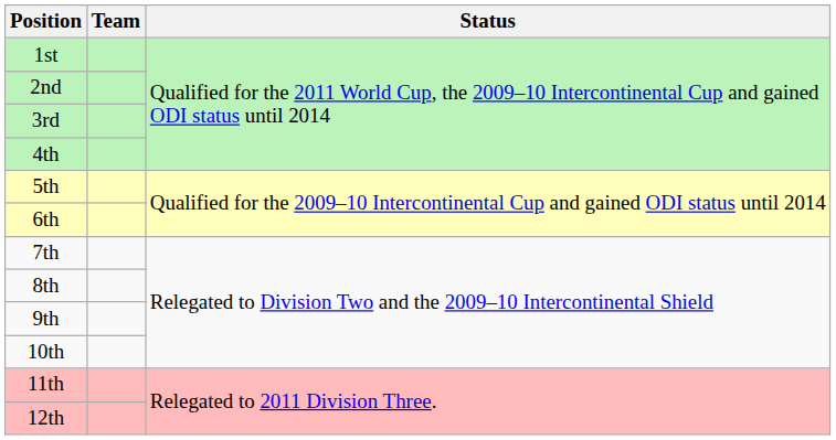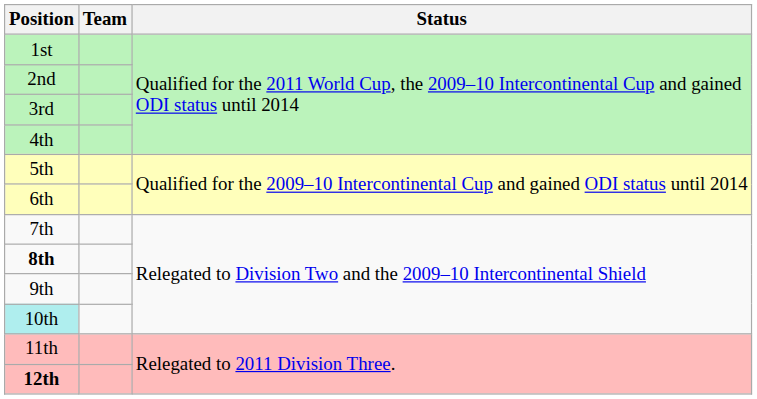 <table class="wikitable">
 <tr>
 <th>Position</th>
 <th>Team</th>
 <th>Status</th>
 </tr>
 <tr style="background: #BBF3BB">
 <td style="text-align:center;">1st</td>
 <td></td>
 <td rowspan=4>Qualified for the <a href='#'>2011 World Cup</a>, the <a href='#'>2009–10 Intercontinental Cup</a> and gained<br><a href='#'>ODI status</a> until 2014</td>
 </tr>
 <tr style="background: #BBF3BB">
 <td style="text-align:center;">2nd</td>
 <td></td>
 </tr>
 <tr style="background: #BBF3BB">
 <td style="text-align:center;">3rd</td>
 <td></td>
 </tr>
 <tr style="background: #BBF3BB">
 <td style="text-align:center;">4th</td>
 <td></td>
 </tr>
 <tr style="background:#ffb;">
 <td style="text-align:center;">5th</td>
 <td></td>
 <td rowspan=2>Qualified for the <a href='#'>2009–10 Intercontinental Cup</a> and gained <a href='#'>ODI status</a> until 2014</td>
 </tr>
 <tr style="background:#ffb;">
 <td style="text-align:center;">6th</td>
 <td></td>
 </tr>
 <tr>
 <td style="text-align:center;">7th</td>
 <td></td>
 <td rowspan=4>Relegated to <a href='#'>Division Two</a> and the <a href='#'>2009–10 Intercontinental Shield</a></td>
 </tr>
 <tr>
-<td style="text-align:center;">8th</td>
+<td style="text-align:center;"><strong>8th</strong></td>
 <td></td>
 </tr>
 <tr>
 <td style="text-align:center;">9th</td>
 <td></td>
 </tr>
 <tr>
-<td style="text-align:center;">10th</td>
+<td style="background: paleturquoise; text-align:center;">10th</td>
 <td></td>
 </tr>
 <tr style="background:#fbb;">
 <td style="text-align:center;">11th</td>
 <td></td>
 <td rowspan=2>Relegated to <a href='#'>2011 Division Three</a>.</td>
 </tr>
 <tr style="background:#fbb;">
-<td style="text-align:center;">12th</td>
+<td style="text-align:center;"><strong>12th</strong></td>
 <td></td>
 </tr>
 </table>
